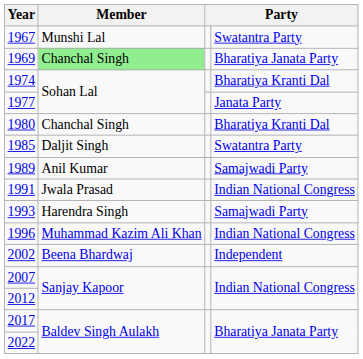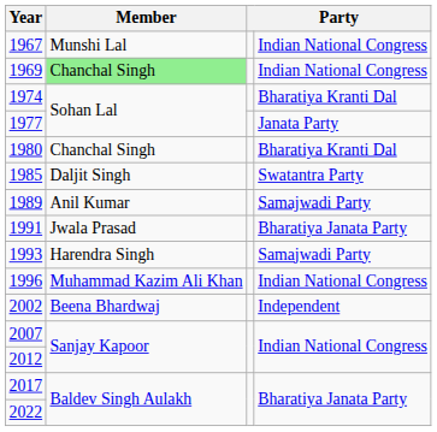 <table class="wikitable">
 <tr>
 <th>Year</th>
 <th>Member</th>
 <th colspan="2">Party</th>
 </tr>
 <tr>
 <td><a href='#'>1967</a></td>
 <td>Munshi Lal</td>
 <td style="background-color: "></td>
-<td><a href='#'>Swatantra Party</a></td>
+<td><a href='#'>Indian National Congress</a></td>
 </tr>
 <tr>
 <td><a href='#'>1969</a></td>
 <td style="background: lightgreen;">Chanchal Singh</td>
 <td style="background-color: "></td>
-<td><a href='#'>Bharatiya Janata Party</a></td>
+<td><a href='#'>Indian National Congress</a></td>
 </tr>
 <tr>
 <td><a href='#'>1974</a></td>
 <td rowspan="2">Sohan Lal</td>
 <td style="background-color: "></td>
 <td><a href='#'>Bharatiya Kranti Dal</a></td>
 </tr>
 <tr>
 <td><a href='#'>1977</a></td>
 <td style="background-color: "></td>
 <td><a href='#'>Janata Party</a></td>
 </tr>
 <tr>
 <td><a href='#'>1980</a></td>
 <td>Chanchal Singh</td>
 <td style="background-color: "></td>
 <td><a href='#'>Bharatiya Kranti Dal</a></td>
 </tr>
 <tr>
 <td><a href='#'>1985</a></td>
 <td>Daljit Singh</td>
 <td style="background-color: "></td>
 <td><a href='#'>Swatantra Party</a></td>
 </tr>
 <tr>
 <td><a href='#'>1989</a></td>
 <td>Anil Kumar</td>
 <td style="background-color: "></td>
 <td><a href='#'>Samajwadi Party</a></td>
 </tr>
 <tr>
 <td><a href='#'>1991</a></td>
 <td>Jwala Prasad</td>
 <td style="background-color: "></td>
-<td><a href='#'>Indian National Congress</a></td>
+<td><a href='#'>Bharatiya Janata Party</a></td>
 </tr>
 <tr>
 <td><a href='#'>1993</a></td>
 <td>Harendra Singh</td>
 <td style="background-color: "></td>
 <td><a href='#'>Samajwadi Party</a></td>
 </tr>
 <tr>
 <td><a href='#'>1996</a></td>
 <td><a href='#'>Muhammad Kazim Ali Khan</a></td>
 <td style="background-color: "></td>
 <td><a href='#'>Indian National Congress</a></td>
 </tr>
 <tr>
 <td><a href='#'>2002</a></td>
 <td><a href='#'>Beena Bhardwaj</a></td>
 <td style="background-color: "></td>
 <td><a href='#'>Independent</a></td>
 </tr>
 <tr>
 <td><a href='#'>2007</a></td>
 <td rowspan="2"><a href='#'>Sanjay Kapoor</a></td>
 <td rowspan="2" style="background-color: "></td>
 <td rowspan="2"><a href='#'>Indian National Congress</a></td>
 </tr>
 <tr>
 <td><a href='#'>2012</a></td>
 </tr>
 <tr>
 <td><a href='#'>2017</a></td>
 <td rowspan="2"><a href='#'>Baldev Singh Aulakh</a></td>
 <td rowspan="2" style="background-color: "></td>
 <td rowspan="2"><a href='#'>Bharatiya Janata Party</a></td>
 </tr>
 <tr>
 <td><a href='#'>2022</a></td>
 </tr>
 </table>
